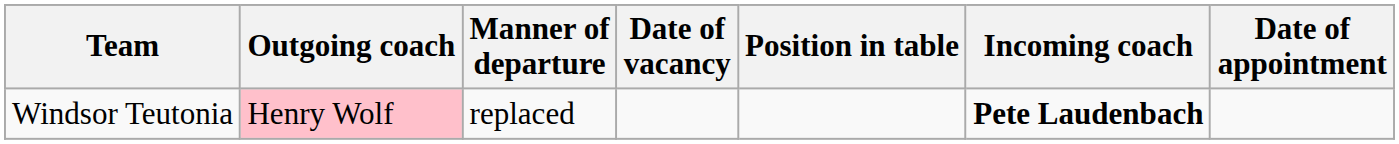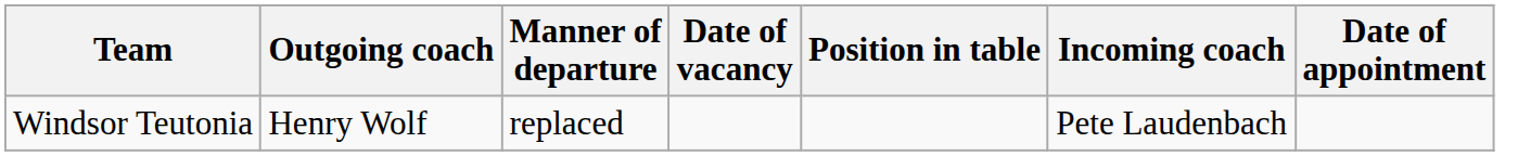 <table class="wikitable sortable">
 <tr>
 <th>Team</th>
 <th>Outgoing coach</th>
 <th>Manner of <br> departure</th>
 <th>Date of <br> vacancy</th>
 <th>Position in table</th>
 <th>Incoming coach</th>
 <th>Date of <br> appointment</th>
 </tr>
 <tr>
 <td>Windsor Teutonia</td>
-<td style="background: pink;">Henry Wolf</td>
+<td>Henry Wolf</td>
 <td>replaced</td>
 <td></td>
 <td></td>
-<td><strong>Pete Laudenbach</strong></td>
+<td>Pete Laudenbach</td>
 </tr>
 </table>
